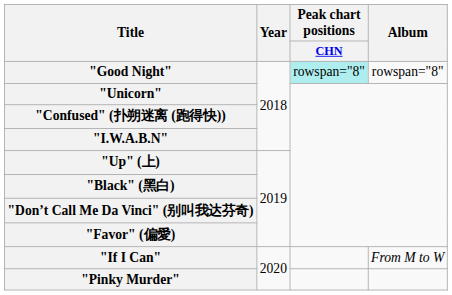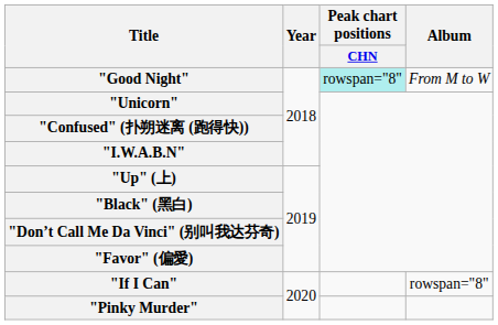 <table class="wikitable plainrowheaders" style="text-align:center;">
 <tr>
 <th scope="col" rowspan="2">Title</th>
 <th scope="col" rowspan="2">Year</th>
 <th>Peak chart positions</th>
 <th scope="col" rowspan="2">Album</th>
 </tr>
 <tr>
 <th scope="col" style="width:3em;font-size:90%;"><a href='#'>CHN</a></th>
 </tr>
 <tr>
 <th scope="row">"Good Night"</th>
 <td rowspan="4">2018</td>
 <td style="background: paleturquoise;">rowspan="8" </td>
-<td>rowspan="8" </td>
+<td><em>From M to W</em></td>
 </tr>
 <tr>
 <th scope="row">"Unicorn"</th>
 </tr>
 <tr>
 <th scope="row">"Confused" (扑朔迷离 (跑得快))</th>
 </tr>
 <tr>
 <th scope="row">"I.W.A.B.N"</th>
 </tr>
 <tr>
 <th scope="row">"Up" (上)</th>
 <td rowspan="4">2019</td>
 </tr>
 <tr>
 <th scope="row">"Black" (黑白)</th>
 </tr>
 <tr>
 <th scope="row">"Don’t Call Me Da Vinci" (别叫我达芬奇)</th>
 </tr>
 <tr>
 <th scope="row">"Favor" (偏愛)</th>
 </tr>
 <tr>
 <th scope="row">"If I Can"</th>
 <td rowspan="2">2020</td>
 <td></td>
-<td><em>From M to W</em></td>
+<td>rowspan="8" </td>
 </tr>
 <tr>
 <th scope="row">"Pinky Murder"</th>
 <td></td>
 <td></td>
 </tr>
 </table>
